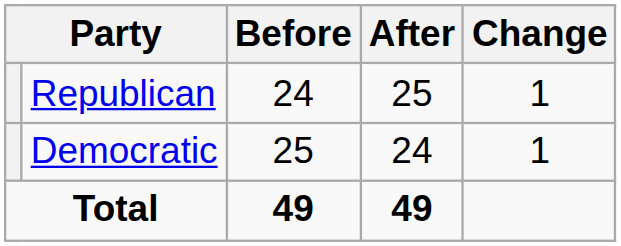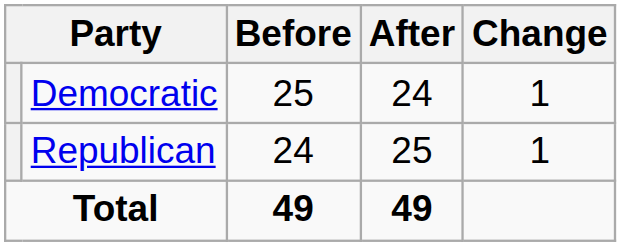 <table class="wikitable" style="text-align:center;">
 <tr>
 <th colspan="2">Party</th>
 <th>Before</th>
 <th>After</th>
 <th>Change</th>
 </tr>
 <tr>
 <th style="background-color:"></th>
-<td style="text-align:left;"><a href='#'>Republican</a></td>
+<td style="text-align:left;"><a href='#'>Democratic</a></td>
+<td>25</td>
 <td>24</td>
-<td>25</td>
 <td> 1</td>
 </tr>
 <tr>
 <th style="background-color:"></th>
-<td style="text-align:left;"><a href='#'>Democratic</a></td>
+<td style="text-align:left;"><a href='#'>Republican</a></td>
+<td>24</td>
 <td>25</td>
-<td>24</td>
 <td> 1</td>
 </tr>
 <tr>
 <td colspan="2"><strong>Total</strong></td>
 <td><strong>49</strong></td>
 <td><strong>49</strong></td>
 <td></td>
 </tr>
 </table>
